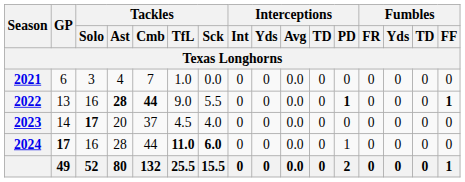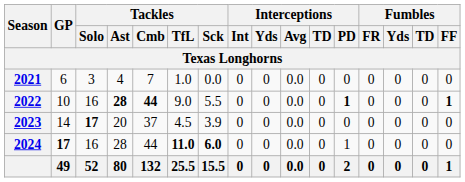 <table class="wikitable" style="text-align:center;">
 <tr>
 <th rowspan="2">Season</th>
 <th rowspan="2">GP</th>
 <th colspan="5">Tackles</th>
 <th colspan="5">Interceptions</th>
 <th colspan="4">Fumbles</th>
 </tr>
 <tr>
 <th>Solo</th>
 <th>Ast</th>
 <th>Cmb</th>
 <th>TfL</th>
 <th>Sck</th>
 <th>Int</th>
 <th>Yds</th>
 <th>Avg</th>
 <th>TD</th>
 <th>PD</th>
 <th>FR</th>
 <th>Yds</th>
 <th>TD</th>
 <th>FF</th>
 </tr>
 <tr>
 <th colspan="16">Texas Longhorns</th>
 </tr>
 <tr>
 <th><a href='#'>2021</a></th>
 <td>6</td>
 <td>3</td>
 <td>4</td>
 <td>7</td>
 <td>1.0</td>
 <td>0.0</td>
 <td>0</td>
 <td>0</td>
 <td>0.0</td>
 <td>0</td>
 <td>0</td>
 <td>0</td>
 <td>0</td>
 <td>0</td>
 <td>0</td>
 </tr>
 <tr>
 <th><a href='#'>2022</a></th>
-<td>13</td>
+<td>10</td>
 <td>16</td>
 <td><strong>28</strong></td>
 <td><strong>44</strong></td>
 <td>9.0</td>
 <td>5.5</td>
 <td>0</td>
 <td>0</td>
 <td>0.0</td>
 <td>0</td>
 <td><strong>1</strong></td>
 <td>0</td>
 <td>0</td>
 <td>0</td>
 <td><strong>1</strong></td>
 </tr>
 <tr>
 <th><a href='#'>2023</a></th>
 <td>14</td>
 <td><strong>17</strong></td>
 <td>20</td>
 <td>37</td>
 <td>4.5</td>
-<td>4.0</td>
+<td>3.9</td>
 <td>0</td>
 <td>0</td>
 <td>0.0</td>
 <td>0</td>
 <td>0</td>
 <td>0</td>
 <td>0</td>
 <td>0</td>
 <td>0</td>
 </tr>
 <tr>
 <th><a href='#'>2024</a></th>
 <td><strong>17</strong></td>
 <td>16</td>
 <td>28</td>
 <td>44</td>
 <td><strong>11.0</strong></td>
 <td><strong>6.0</strong></td>
 <td>0</td>
 <td>0</td>
 <td>0.0</td>
 <td>0</td>
 <td>1</td>
 <td>0</td>
 <td>0</td>
 <td>0</td>
 <td>0</td>
 </tr>
 <tr>
 <th></th>
 <th>49</th>
 <th>52</th>
 <th>80</th>
 <th>132</th>
 <th>25.5</th>
 <th>15.5</th>
 <th>0</th>
 <th>0</th>
 <th>0.0</th>
 <th>0</th>
 <th>2</th>
 <th>0</th>
 <th>0</th>
 <th>0</th>
 <th>1</th>
 </tr>
 </table>
